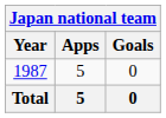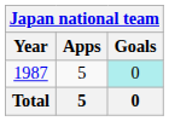 <table class="wikitable" style="text-align:center">
 <tr>
 <th colspan=3><a href='#'>Japan national team</a></th>
 </tr>
 <tr>
 <th>Year</th>
 <th>Apps</th>
 <th>Goals</th>
 </tr>
 <tr>
 <td><a href='#'>1987</a></td>
 <td>5</td>
-<td>0</td>
+<td style="background: paleturquoise;">0</td>
 </tr>
 <tr>
 <th>Total</th>
 <th>5</th>
 <th>0</th>
 </tr>
 </table>
